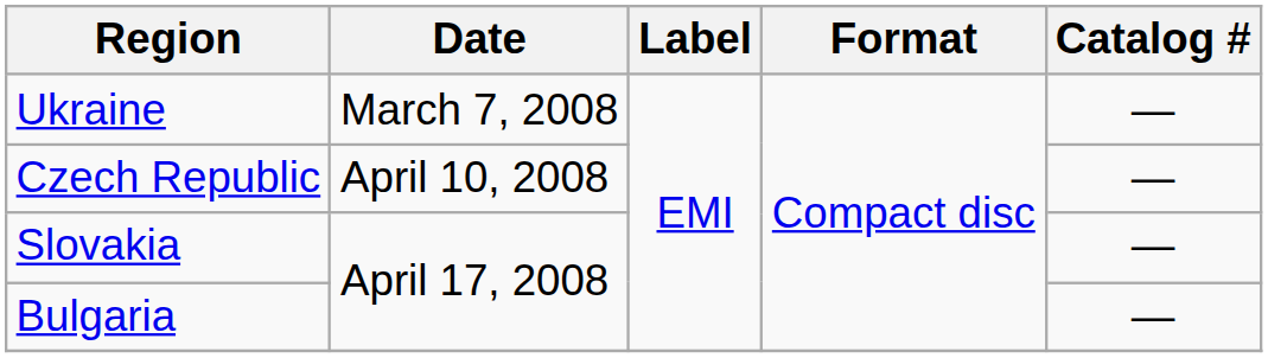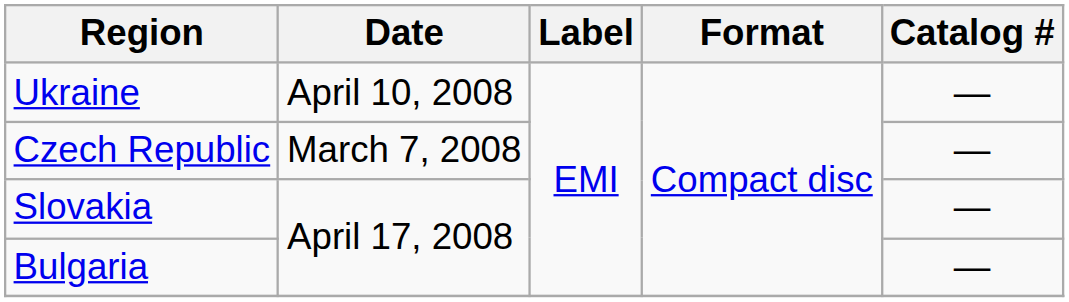 <table class="wikitable">
 <tr>
 <th>Region</th>
 <th>Date</th>
 <th>Label</th>
 <th>Format</th>
 <th>Catalog #</th>
 </tr>
 <tr>
 <td><a href='#'>Ukraine</a></td>
-<td rowspan="1">March 7, 2008</td>
+<td rowspan="1">April 10, 2008</td>
 <td rowspan="4" align="center"><a href='#'>EMI</a></td>
 <td rowspan="4" align="center"><a href='#'>Compact disc</a></td>
 <td align="center">—</td>
 </tr>
 <tr>
 <td><a href='#'>Czech Republic</a></td>
-<td rowspan="1">April 10, 2008</td>
+<td rowspan="1">March 7, 2008</td>
 <td align="center">—</td>
 </tr>
 <tr>
 <td><a href='#'>Slovakia</a></td>
 <td rowspan="2">April 17, 2008</td>
 <td align="center">—</td>
 </tr>
 <tr>
 <td><a href='#'>Bulgaria</a></td>
 <td align="center">—</td>
 </tr>
 <tr>
 </tr>
 </table>
